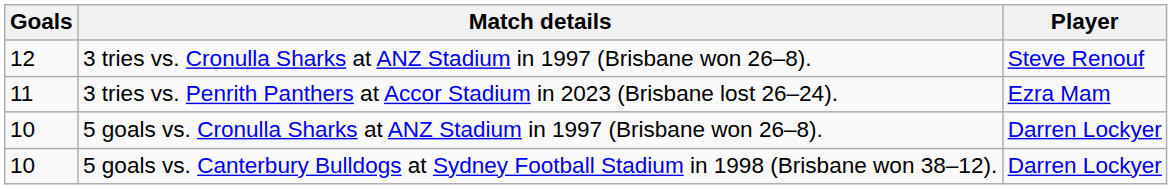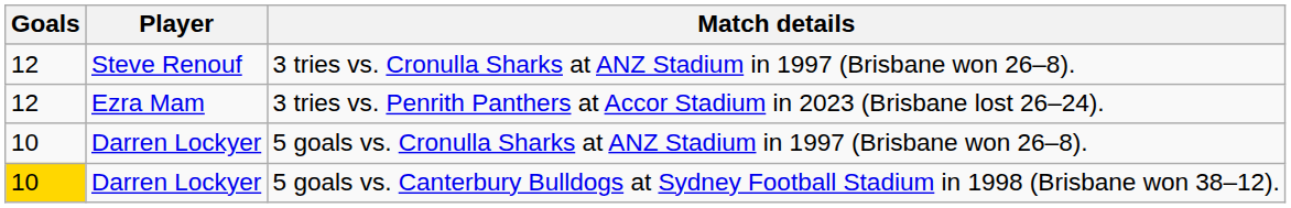 <table class="wikitable">
 <tr>
 <th>Goals</th>
+<th>Player</th>
 <th>Match details</th>
-<th>Player</th>
 </tr>
 <tr>
 <td>12</td>
+<td><a href='#'>Steve Renouf</a></td>
 <td>3 tries vs. <a href='#'>Cronulla Sharks</a> at <a href='#'>ANZ Stadium</a> in 1997 (Brisbane won 26–8).</td>
-<td><a href='#'>Steve Renouf</a></td>
 </tr>
 <tr>
-<td>11</td>
+<td>12</td>
+<td><a href='#'>Ezra Mam</a></td>
 <td>3 tries vs. <a href='#'>Penrith Panthers</a> at <a href='#'>Accor Stadium</a> in 2023 (Brisbane lost 26–24).</td>
-<td><a href='#'>Ezra Mam</a></td>
 </tr>
 <tr>
 <td>10</td>
+<td><a href='#'>Darren Lockyer</a></td>
 <td>5 goals vs. <a href='#'>Cronulla Sharks</a> at <a href='#'>ANZ Stadium</a> in 1997 (Brisbane won 26–8).</td>
-<td><a href='#'>Darren Lockyer</a></td>
 </tr>
 <tr>
-<td>10</td>
+<td style="background: gold;">10</td>
+<td><a href='#'>Darren Lockyer</a></td>
 <td>5 goals vs. <a href='#'>Canterbury Bulldogs</a> at <a href='#'>Sydney Football Stadium</a> in 1998 (Brisbane won 38–12).</td>
-<td><a href='#'>Darren Lockyer</a></td>
 </tr>
 </table>
